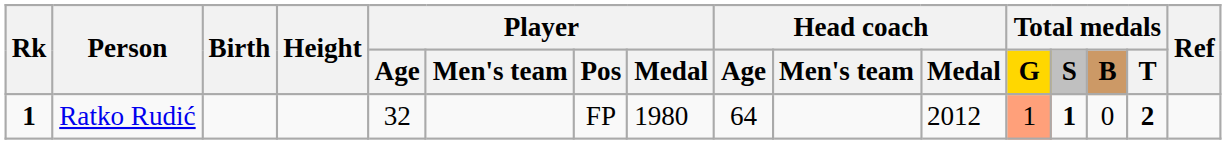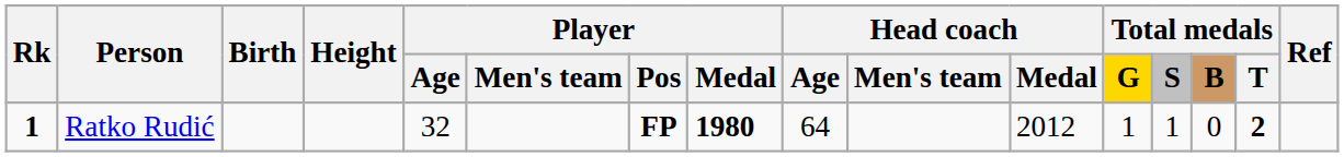 <table class="wikitable sortable" style="text-align: center; font-size: 80%; margin-left: 1em;">
 <tr>
 <th rowspan="2">Rk</th>
 <th rowspan="2">Person</th>
 <th rowspan="2">Birth</th>
 <th rowspan="2">Height</th>
 <th colspan="4">Player</th>
 <th colspan="3">Head coach</th>
 <th colspan="4">Total medals</th>
 <th rowspan="2" class="unsortable">Ref</th>
 </tr>
 <tr>
 <th>Age</th>
 <th>Men's team</th>
 <th>Pos</th>
 <th>Medal</th>
 <th>Age</th>
 <th>Men's team</th>
 <th>Medal</th>
 <th style="background-color: gold;">G</th>
 <th style="background-color: silver;">S</th>
 <th style="background-color: #cc9966;">B</th>
 <th>T</th>
 </tr>
 <tr>
 <td><strong>1</strong></td>
 <td style="text-align: left;" data-sort-value="Rudić, Ratko"><a href='#'>Ratko Rudić</a></td>
 <td></td>
 <td></td>
 <td>32</td>
 <td style="text-align: left;"></td>
-<td>FP</td>
-<td style="text-align: left;">1980 </td>
+<td><strong>FP</strong></td>
+<td style="text-align: left;"><strong>1980 </strong></td>
 <td>64</td>
 <td style="text-align: left;"></td>
 <td style="text-align: left;">2012 </td>
-<td style="background: lightsalmon;">1</td>
-<td><strong>1</strong></td>
+<td>1</td>
+<td>1</td>
 <td>0</td>
 <td><strong>2</strong></td>
 <td><br></td>
 </tr>
 </table>
